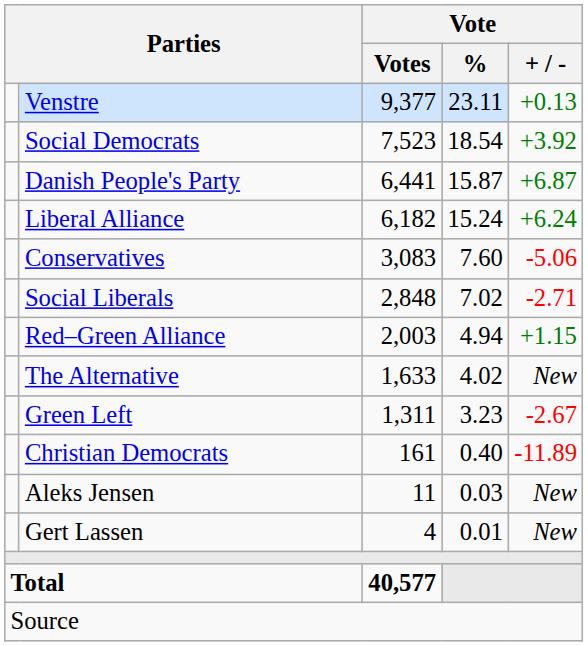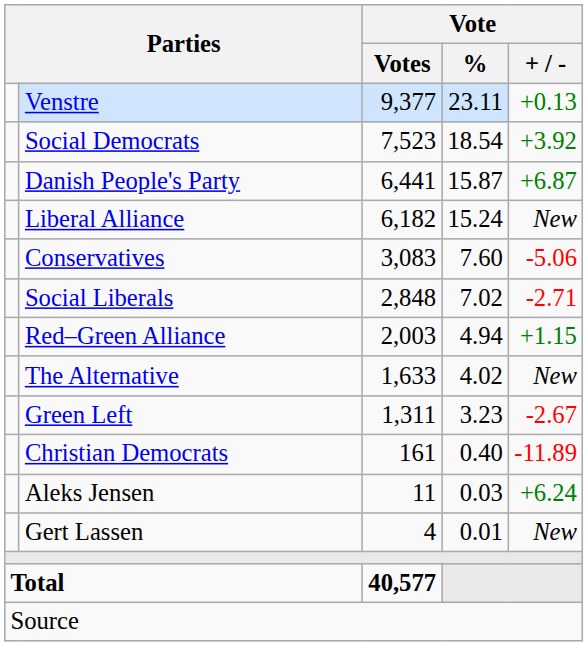 <table class="wikitable" style="text-align:right;">
 <tr>
 <th style="text-align:centre;" rowspan="2" colspan="2" width="225">Parties</th>
 <th colspan="3">Vote</th>
 </tr>
 <tr>
 <th width="15">Votes</th>
 <th width="15">%</th>
 <th width="15">+ / -</th>
 </tr>
 <tr>
 <td width="2" style="color:inherit;background:"></td>
 <td bgcolor=#cfe5fe  align="left"><a href='#'>Venstre</a></td>
 <td bgcolor=#cfe5fe>9,377</td>
 <td bgcolor=#cfe5fe>23.11</td>
 <td style=color:green;>+0.13</td>
 </tr>
 <tr>
 <td width="2" style="color:inherit;background:"></td>
 <td align="left"><a href='#'>Social Democrats</a></td>
 <td>7,523</td>
 <td>18.54</td>
 <td style=color:green;>+3.92</td>
 </tr>
 <tr>
 <td width="2" style="color:inherit;background:"></td>
 <td align="left"><a href='#'>Danish People's Party</a></td>
 <td>6,441</td>
 <td>15.87</td>
 <td style=color:green;>+6.87</td>
 </tr>
 <tr>
 <td width="2" style="color:inherit;background:"></td>
 <td align="left"><a href='#'>Liberal Alliance</a></td>
 <td>6,182</td>
 <td>15.24</td>
-<td style=color:green;>+6.24</td>
+<td><em>New</em></td>
 </tr>
 <tr>
 <td width="2" style="color:inherit;background:"></td>
 <td align="left"><a href='#'>Conservatives</a></td>
 <td>3,083</td>
 <td>7.60</td>
 <td style=color:red;>-5.06</td>
 </tr>
 <tr>
 <td width="2" style="color:inherit;background:"></td>
 <td align="left"><a href='#'>Social Liberals</a></td>
 <td>2,848</td>
 <td>7.02</td>
 <td style=color:red;>-2.71</td>
 </tr>
 <tr>
 <td width="2" style="color:inherit;background:"></td>
 <td align="left"><a href='#'>Red–Green Alliance</a></td>
 <td>2,003</td>
 <td>4.94</td>
 <td style=color:green;>+1.15</td>
 </tr>
 <tr>
 <td width="2" style="color:inherit;background:"></td>
 <td align="left"><a href='#'>The Alternative</a></td>
 <td>1,633</td>
 <td>4.02</td>
 <td><em>New</em></td>
 </tr>
 <tr>
 <td width="2" style="color:inherit;background:"></td>
 <td align="left"><a href='#'>Green Left</a></td>
 <td>1,311</td>
 <td>3.23</td>
 <td style=color:red;>-2.67</td>
 </tr>
 <tr>
 <td width="2" style="color:inherit;background:"></td>
 <td align="left"><a href='#'>Christian Democrats</a></td>
 <td>161</td>
 <td>0.40</td>
 <td style=color:red;>-11.89</td>
 </tr>
 <tr>
 <td width="2" style="color:inherit;background:"></td>
 <td align="left">Aleks Jensen</td>
 <td>11</td>
 <td>0.03</td>
-<td><em>New</em></td>
+<td style=color:green;>+6.24</td>
 </tr>
 <tr>
 <td width="2" style="color:inherit;background:"></td>
 <td align="left">Gert Lassen</td>
 <td>4</td>
 <td>0.01</td>
 <td><em>New</em></td>
 </tr>
 <tr>
 <td colspan="7" bgcolor="#E9E9E9"></td>
 </tr>
 <tr>
 <td align="left" colspan="2"><strong>Total</strong></td>
 <td><strong>40,577</strong></td>
 <td bgcolor="#E9E9E9" colspan="2"></td>
 </tr>
 <tr>
 <td align="left" colspan="6">Source</td>
 </tr>
 </table>
